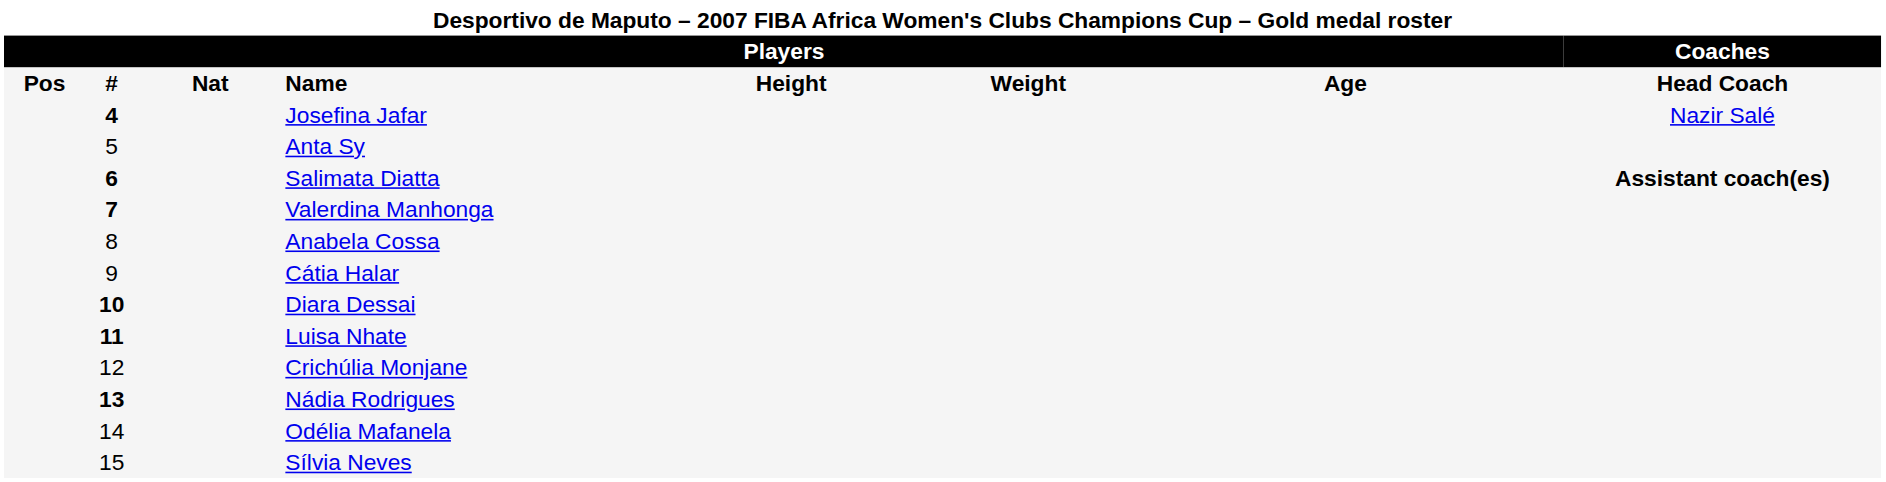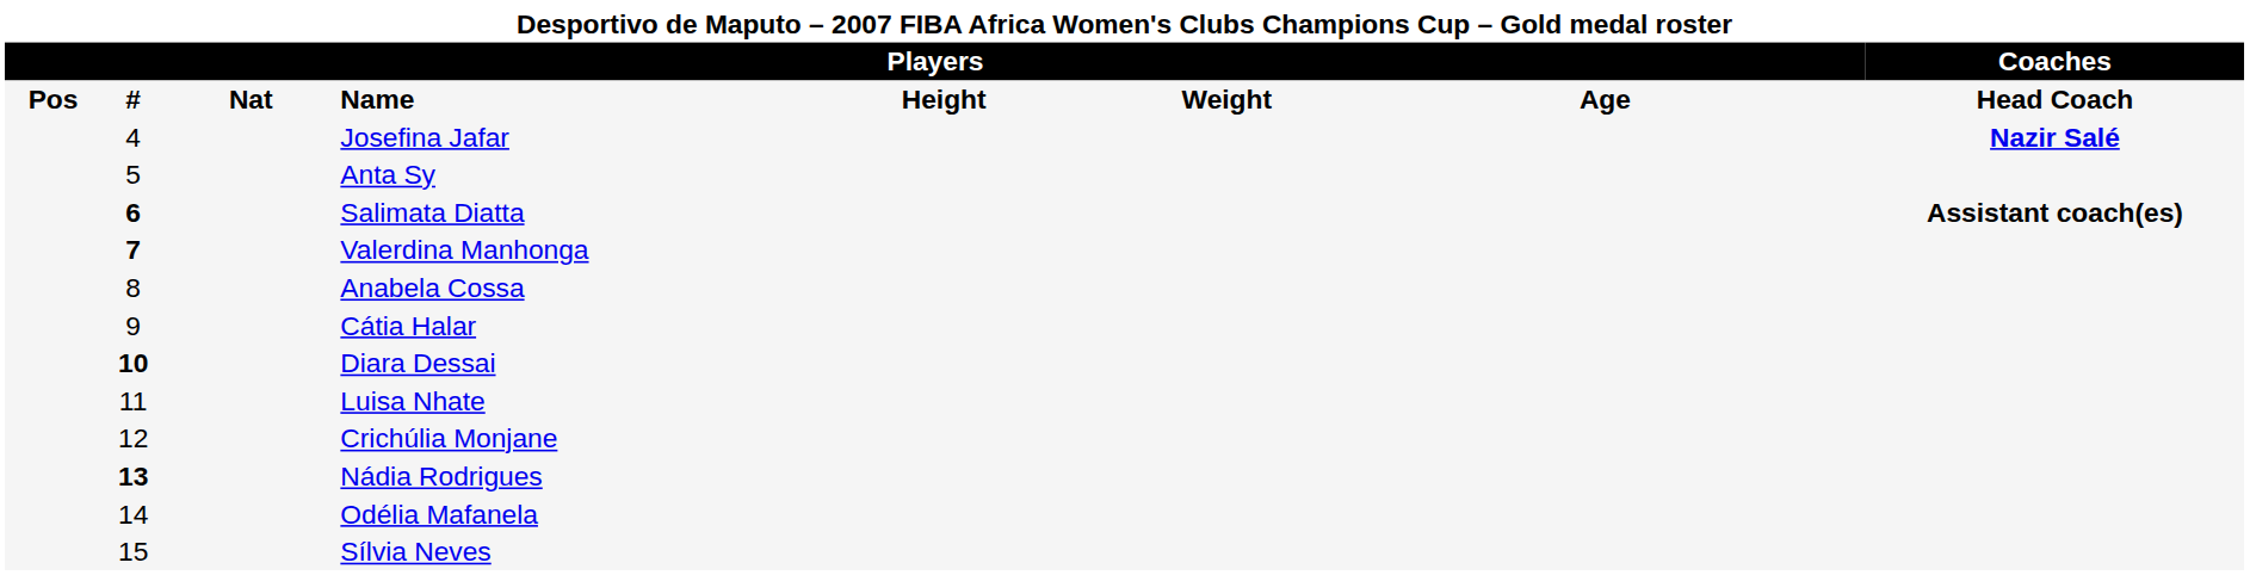 <table border=0 cellpadding=2 cellspacing=0  |- bgcolor=#f5f5f5 style="text-align:center; font-size:90%;" width=75%>
 <tr>
 <td colspan="8" style="background: white; color: black"><strong>Desportivo de Maputo – 2007 FIBA Africa Women's Clubs Champions Cup – Gold medal roster</strong></td>
 </tr>
 <tr>
 <td colspan="7" style="background: black; color: white"><strong>Players</strong></td>
 <td style="background: black; color: white"><strong>Coaches</strong></td>
 </tr>
 <tr style="background=#f5f5f5; color: black">
 <th width=5px>Pos</th>
 <th width=5px>#</th>
 <th width=50px>Nat</th>
 <th width=135px align=left>Name</th>
 <th width=100px>Height</th>
 <th width=70px>Weight</th>
 <th width=160px>Age</th>
 <th width=115px>Head Coach</th>
 </tr>
 <tr>
 <td></td>
-<td><strong>4</strong></td>
+<td>4</td>
 <td></td>
 <td align=left><a href='#'>Josefina Jafar</a></td>
 <td></td>
 <td></td>
 <td><span></span></td>
-<td> <a href='#'>Nazir Salé</a></td>
+<td><strong> <a href='#'>Nazir Salé</a></strong></td>
 </tr>
 <tr>
 <td></td>
 <td>5</td>
 <td></td>
 <td align=left><a href='#'>Anta Sy</a></td>
 <td></td>
 <td></td>
 <td><span></span></td>
 </tr>
 <tr>
 <td></td>
 <td><strong>6</strong></td>
 <td></td>
 <td align=left><a href='#'>Salimata Diatta</a></td>
 <td></td>
 <td></td>
 <td><span></span></td>
 <td><strong>Assistant coach(es)</strong></td>
 </tr>
 <tr>
 <td></td>
 <td><strong>7</strong></td>
 <td></td>
 <td align=left><a href='#'>Valerdina Manhonga</a></td>
 <td></td>
 <td></td>
 <td><span></span></td>
 <td></td>
 </tr>
 <tr>
 <td></td>
 <td>8</td>
 <td></td>
 <td align=left><a href='#'>Anabela Cossa</a></td>
 <td></td>
 <td></td>
 <td><span></span></td>
 <td></td>
 </tr>
 <tr>
 <td></td>
 <td>9</td>
 <td></td>
 <td align=left><a href='#'>Cátia Halar</a></td>
 <td></td>
 <td></td>
 <td><span></span></td>
 </tr>
 <tr>
 <td></td>
 <td><strong>10</strong></td>
 <td></td>
 <td align=left><a href='#'>Diara Dessai</a></td>
 <td></td>
 <td></td>
 <td><span></span></td>
 </tr>
 <tr>
 <td></td>
-<td><strong>11</strong></td>
+<td>11</td>
 <td></td>
 <td align=left><a href='#'>Luisa Nhate</a></td>
 <td></td>
 <td></td>
 <td><span></span></td>
 </tr>
 <tr>
 <td></td>
 <td>12</td>
 <td></td>
 <td align=left><a href='#'>Crichúlia Monjane</a></td>
 <td></td>
 <td></td>
 <td><span></span></td>
 </tr>
 <tr>
 <td></td>
 <td><strong>13</strong></td>
 <td></td>
 <td align=left><a href='#'>Nádia Rodrigues</a></td>
 <td></td>
 <td></td>
 <td><span></span></td>
 </tr>
 <tr>
 <td></td>
 <td>14</td>
 <td></td>
 <td align=left><a href='#'>Odélia Mafanela</a></td>
 <td></td>
 <td></td>
 <td><span></span></td>
 </tr>
 <tr>
 <td></td>
 <td>15</td>
 <td></td>
 <td align=left><a href='#'>Sílvia Neves</a></td>
 <td></td>
 <td></td>
 <td><span></span></td>
 </tr>
 </table>
